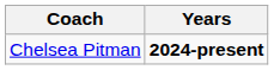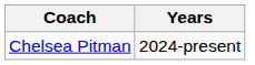 <table class="wikitable">
 <tr>
 <th>Coach</th>
 <th>Years</th>
 </tr>
 <tr>
 <td><a href='#'>Chelsea Pitman</a></td>
-<td><strong>2024-present</strong></td>
+<td>2024-present</td>
 </tr>
 </table>
